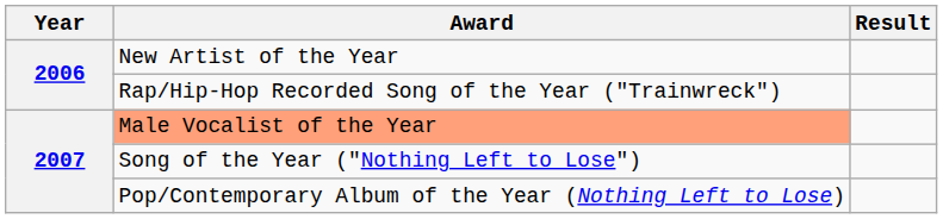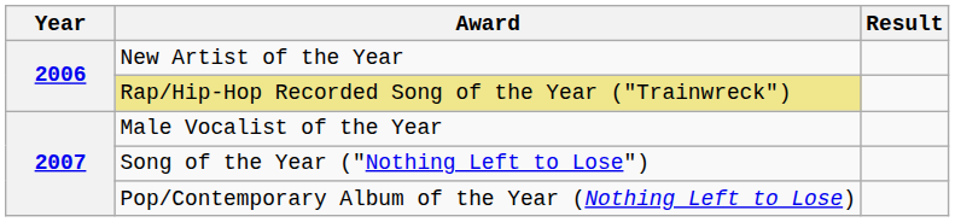 <table class="wikitable">
 <tr>
 <th style="width:60px;">Year</th>
 <th>Award</th>
 <th>Result</th>
 </tr>
 <tr>
 <th rowspan="2"><a href='#'>2006</a></th>
 <td>New Artist of the Year</td>
 <td></td>
 </tr>
 <tr>
-<td>Rap/Hip-Hop Recorded Song of the Year ("Trainwreck")</td>
+<td style="background: khaki;">Rap/Hip-Hop Recorded Song of the Year ("Trainwreck")</td>
 <td></td>
 </tr>
 <tr>
 <th rowspan="3"><a href='#'>2007</a></th>
-<td style="background: lightsalmon;">Male Vocalist of the Year</td>
+<td>Male Vocalist of the Year</td>
 <td></td>
 </tr>
 <tr>
 <td>Song of the Year ("<a href='#'>Nothing Left to Lose</a>")</td>
 <td></td>
 </tr>
 <tr>
 <td>Pop/Contemporary Album of the Year (<em><a href='#'>Nothing Left to Lose</a></em>)</td>
 <td></td>
 </tr>
 </table>
